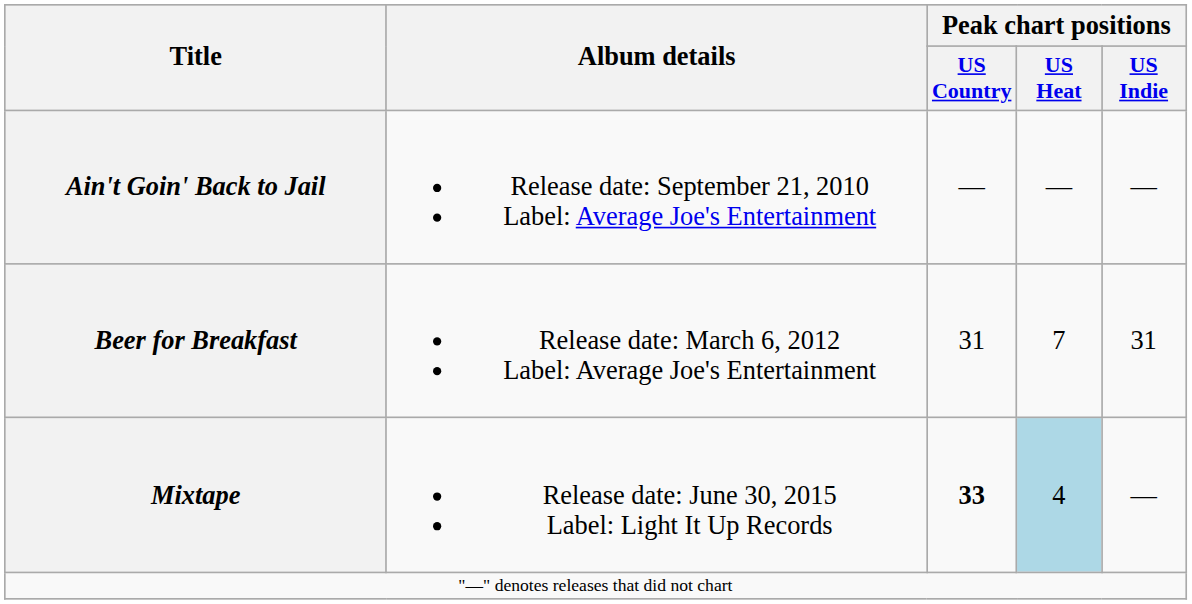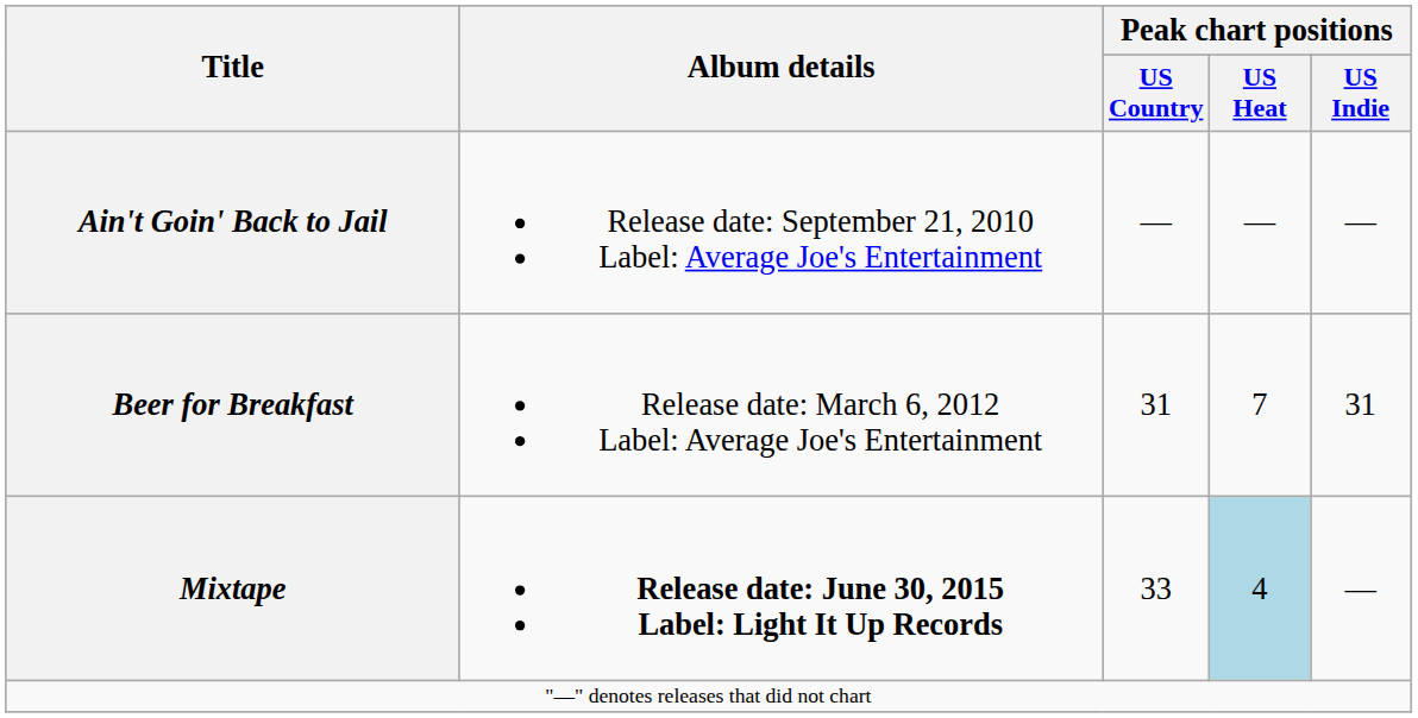 <table class="wikitable plainrowheaders" style="text-align:center;">
 <tr>
 <th rowspan="2" style="width:14em;">Title</th>
 <th rowspan="2" style="width:20em;">Album details</th>
 <th colspan="3">Peak chart positions</th>
 </tr>
 <tr style="font-size:smaller;">
 <th style="width:45px;"><a href='#'>US Country</a><br></th>
 <th style="width:45px;"><a href='#'>US<br>Heat</a><br></th>
 <th style="width:45px;"><a href='#'>US<br>Indie</a><br></th>
 </tr>
 <tr>
 <th scope="row"><em>Ain't Goin' Back to Jail</em></th>
 <td><br><ul><li>Release date: September 21, 2010</li><li>Label: <a href='#'>Average Joe's Entertainment</a></li></ul></td>
 <td>—</td>
 <td>—</td>
 <td>—</td>
 </tr>
 <tr>
 <th scope="row"><em>Beer for Breakfast</em></th>
 <td><br><ul><li>Release date: March 6, 2012</li><li>Label: Average Joe's Entertainment</li></ul></td>
 <td>31</td>
 <td>7</td>
 <td>31</td>
 </tr>
 <tr>
 <th scope="row"><em>Mixtape</em></th>
-<td><br><ul><li>Release date: June 30, 2015</li><li>Label: Light It Up Records</li></ul></td>
-<td><strong>33</strong></td>
+<td><strong><br><ul><li>Release date: June 30, 2015</li><li>Label: Light It Up Records</li></ul></strong></td>
+<td>33</td>
 <td style="background: lightblue;">4</td>
 <td>—</td>
 </tr>
 <tr>
 <td colspan="5" style="font-size:8pt">"—" denotes releases that did not chart</td>
 </tr>
 </table>
